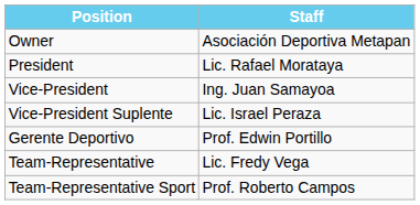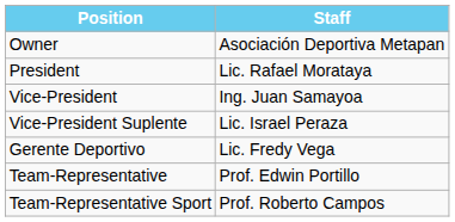 <table class="wikitable">
 <tr>
 <th style=background-color:#66CCEE;color:#FFFFFF>Position</th>
 <th style=background-color:#66CCEE;color:#FFFFFF>Staff</th>
 </tr>
 <tr>
 <td>Owner</td>
 <td> Asociación Deportiva Metapan</td>
 </tr>
 <tr>
 <td>President</td>
 <td> Lic. Rafael Morataya</td>
 </tr>
 <tr>
 <td>Vice-President</td>
 <td> Ing. Juan Samayoa</td>
 </tr>
 <tr>
 <td>Vice-President Suplente</td>
 <td> Lic. Israel Peraza</td>
 </tr>
 <tr>
 <td>Gerente Deportivo</td>
-<td> Prof. Edwin Portillo</td>
+<td> Lic. Fredy Vega</td>
 </tr>
 <tr>
 <td>Team-Representative</td>
-<td> Lic. Fredy Vega</td>
+<td> Prof. Edwin Portillo</td>
 </tr>
 <tr>
 <td>Team-Representative Sport</td>
 <td> Prof. Roberto Campos</td>
 </tr>
 </table>
